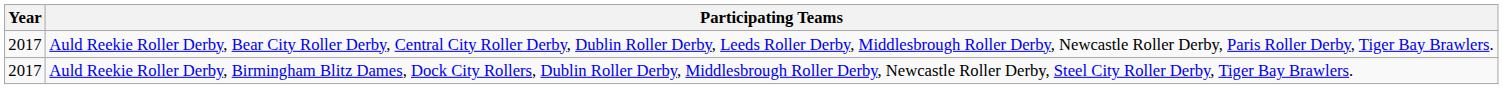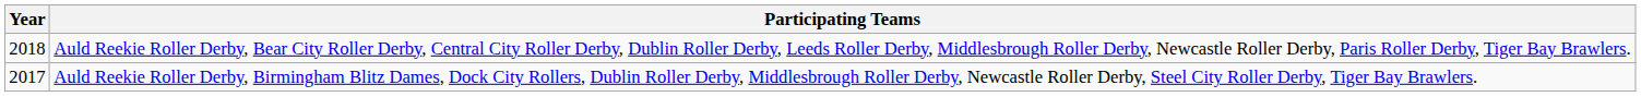 <table class="wikitable">
 <tr>
 <th>Year</th>
 <th>Participating Teams</th>
 </tr>
 <tr>
-<td>2017</td>
+<td>2018</td>
 <td><a href='#'>Auld Reekie Roller Derby</a>, <a href='#'>Bear City Roller Derby</a>, <a href='#'>Central City Roller Derby</a>, <a href='#'>Dublin Roller Derby</a>, <a href='#'>Leeds Roller Derby</a>, <a href='#'>Middlesbrough Roller Derby</a>, Newcastle Roller Derby, <a href='#'>Paris Roller Derby</a>, <a href='#'>Tiger Bay Brawlers</a>.</td>
 </tr>
 <tr>
 <td>2017</td>
 <td><a href='#'>Auld Reekie Roller Derby</a>, <a href='#'>Birmingham Blitz Dames</a>, <a href='#'>Dock City Rollers</a>, <a href='#'>Dublin Roller Derby</a>, <a href='#'>Middlesbrough Roller Derby</a>, Newcastle Roller Derby, <a href='#'>Steel City Roller Derby</a>, <a href='#'>Tiger Bay Brawlers</a>.</td>
 </tr>
 </table>
